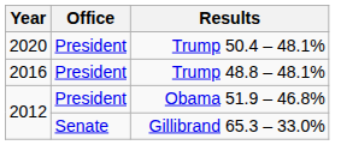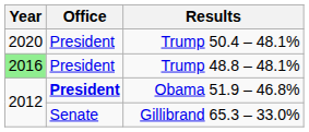 <table class=wikitable>
 <tr>
 <th width="30">Year</th>
 <th width="60">Office</th>
 <th width="180">Results</th>
 </tr>
 <tr>
 <td>2020</td>
 <td><a href='#'>President</a></td>
 <td align="right" ><a href='#'>Trump</a> 50.4 – 48.1%</td>
 </tr>
 <tr>
-<td>2016</td>
+<td style="background: lightgreen;">2016</td>
 <td><a href='#'>President</a></td>
 <td align="right" ><a href='#'>Trump</a> 48.8 – 48.1%</td>
 </tr>
 <tr>
 <td rowspan="2">2012</td>
-<td><a href='#'>President</a></td>
+<td><strong><a href='#'>President</a></strong></td>
 <td align="right" ><a href='#'>Obama</a> 51.9 – 46.8%</td>
 </tr>
 <tr>
 <td><a href='#'>Senate</a></td>
 <td align="right" ><a href='#'>Gillibrand</a> 65.3 – 33.0%</td>
 </tr>
 </table>
